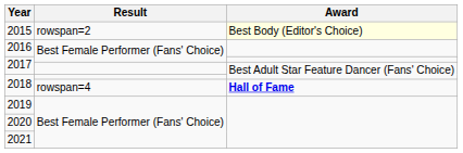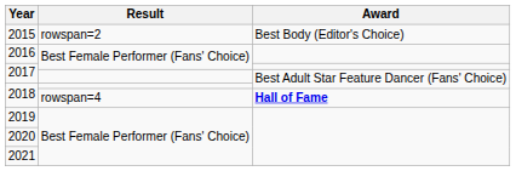 <table class="wikitable">
 <tr>
 <th>Year</th>
 <th>Result</th>
 <th>Award</th>
 </tr>
 <tr>
 <td>2015</td>
 <td>rowspan=2 </td>
-<td style="background: lightyellow;">Best Body (Editor's Choice)</td>
+<td>Best Body (Editor's Choice)</td>
 </tr>
 <tr>
 <td>2016</td>
 <td rowspan=2>Best Female Performer (Fans' Choice)</td>
 </tr>
 <tr>
 <td rowspan=2>2017</td>
 <td></td>
 </tr>
 <tr>
 <td></td>
 <td rowspan=2>Best Adult Star Feature Dancer (Fans' Choice)</td>
 </tr>
 <tr>
 <td rowspan=2>2018</td>
 <td></td>
 </tr>
 <tr>
 <td>rowspan=4 </td>
 <td><strong><a href='#'>Hall of Fame</a></strong></td>
 </tr>
 <tr>
 <td>2019</td>
 <td rowspan=3>Best Female Performer (Fans' Choice)</td>
 </tr>
 <tr>
 <td>2020</td>
 </tr>
 <tr>
 <td>2021</td>
 </tr>
 </table>
